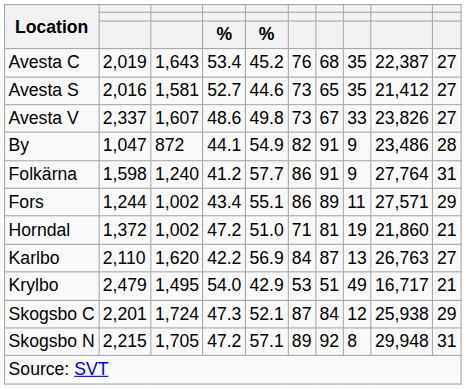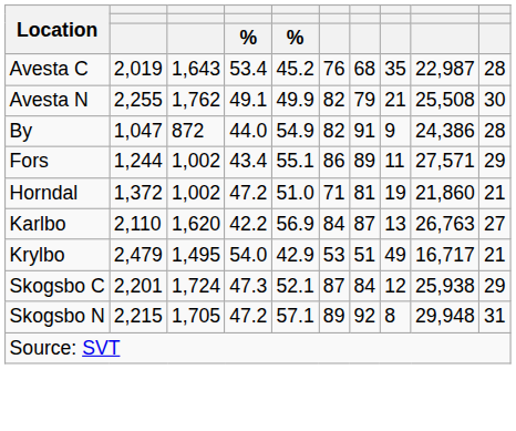 <table role="presentation" class="wikitable sortable mw-collapsible">
 <tr>
 <th rowspan="3">Location</th>
 <th></th>
 <th></th>
 <th></th>
 <th></th>
 <th></th>
 <th></th>
 <th></th>
 <th></th>
 <th></th>
 </tr>
 <tr>
 <th></th>
 <th></th>
 <th style="background:"></th>
 <th style="background:"></th>
 <th></th>
 <th></th>
 <th></th>
 <th></th>
 <th></th>
 </tr>
 <tr>
 <th data-sort-type="number"></th>
 <th data-sort-type="number"></th>
 <th data-sort-type="number">%</th>
 <th data-sort-type="number">%</th>
 <th data-sort-type="number"></th>
 <th data-sort-type="number"></th>
 <th data-sort-type="number"></th>
 <th data-sort-type="number"></th>
 <th data-sort-type="number"></th>
 </tr>
 <tr>
 <td align="left">Avesta C</td>
 <td>2,019</td>
 <td>1,643</td>
 <td>53.4</td>
 <td>45.2</td>
 <td>76</td>
 <td>68</td>
 <td>35</td>
-<td>22,387</td>
-<td>27</td>
+<td>22,987</td>
+<td>28</td>
 </tr>
 <tr>
-<td align="left">Avesta S</td>
-<td>2,016</td>
-<td>1,581</td>
-<td>52.7</td>
-<td>44.6</td>
-<td>73</td>
-<td>65</td>
-<td>35</td>
-<td>21,412</td>
-<td>27</td>
-</tr>
-<tr>
-<td align="left">Avesta V</td>
-<td>2,337</td>
-<td>1,607</td>
-<td>48.6</td>
-<td>49.8</td>
-<td>73</td>
-<td>67</td>
-<td>33</td>
-<td>23,826</td>
-<td>27</td>
+<td align="left">Avesta N</td>
+<td>2,255</td>
+<td>1,762</td>
+<td>49.1</td>
+<td>49.9</td>
+<td>82</td>
+<td>79</td>
+<td>21</td>
+<td>25,508</td>
+<td>30</td>
 </tr>
 <tr>
 <td align="left">By</td>
 <td>1,047</td>
 <td>872</td>
-<td>44.1</td>
+<td>44.0</td>
 <td>54.9</td>
 <td>82</td>
 <td>91</td>
 <td>9</td>
-<td>23,486</td>
+<td>24,386</td>
 <td>28</td>
-</tr>
-<tr>
-<td align="left">Folkärna</td>
-<td>1,598</td>
-<td>1,240</td>
-<td>41.2</td>
-<td>57.7</td>
-<td>86</td>
-<td>91</td>
-<td>9</td>
-<td>27,764</td>
-<td>31</td>
 </tr>
 <tr>
 <td align="left">Fors</td>
 <td>1,244</td>
 <td>1,002</td>
 <td>43.4</td>
 <td>55.1</td>
 <td>86</td>
 <td>89</td>
 <td>11</td>
 <td>27,571</td>
 <td>29</td>
 </tr>
 <tr>
 <td align="left">Horndal</td>
 <td>1,372</td>
 <td>1,002</td>
 <td>47.2</td>
 <td>51.0</td>
 <td>71</td>
 <td>81</td>
 <td>19</td>
 <td>21,860</td>
 <td>21</td>
 </tr>
 <tr>
 <td align="left">Karlbo</td>
 <td>2,110</td>
 <td>1,620</td>
 <td>42.2</td>
 <td>56.9</td>
 <td>84</td>
 <td>87</td>
 <td>13</td>
 <td>26,763</td>
 <td>27</td>
 </tr>
 <tr>
 <td align="left">Krylbo</td>
 <td>2,479</td>
 <td>1,495</td>
 <td>54.0</td>
 <td>42.9</td>
 <td>53</td>
 <td>51</td>
 <td>49</td>
 <td>16,717</td>
 <td>21</td>
 </tr>
 <tr>
 <td align="left">Skogsbo C</td>
 <td>2,201</td>
 <td>1,724</td>
 <td>47.3</td>
 <td>52.1</td>
 <td>87</td>
 <td>84</td>
 <td>12</td>
 <td>25,938</td>
 <td>29</td>
 </tr>
 <tr>
 <td align="left">Skogsbo N</td>
 <td>2,215</td>
 <td>1,705</td>
 <td>47.2</td>
 <td>57.1</td>
 <td>89</td>
 <td>92</td>
 <td>8</td>
 <td>29,948</td>
 <td>31</td>
 </tr>
 <tr>
 <td colspan="10" align="left">Source: <a href='#'>SVT</a></td>
 </tr>
 </table>
